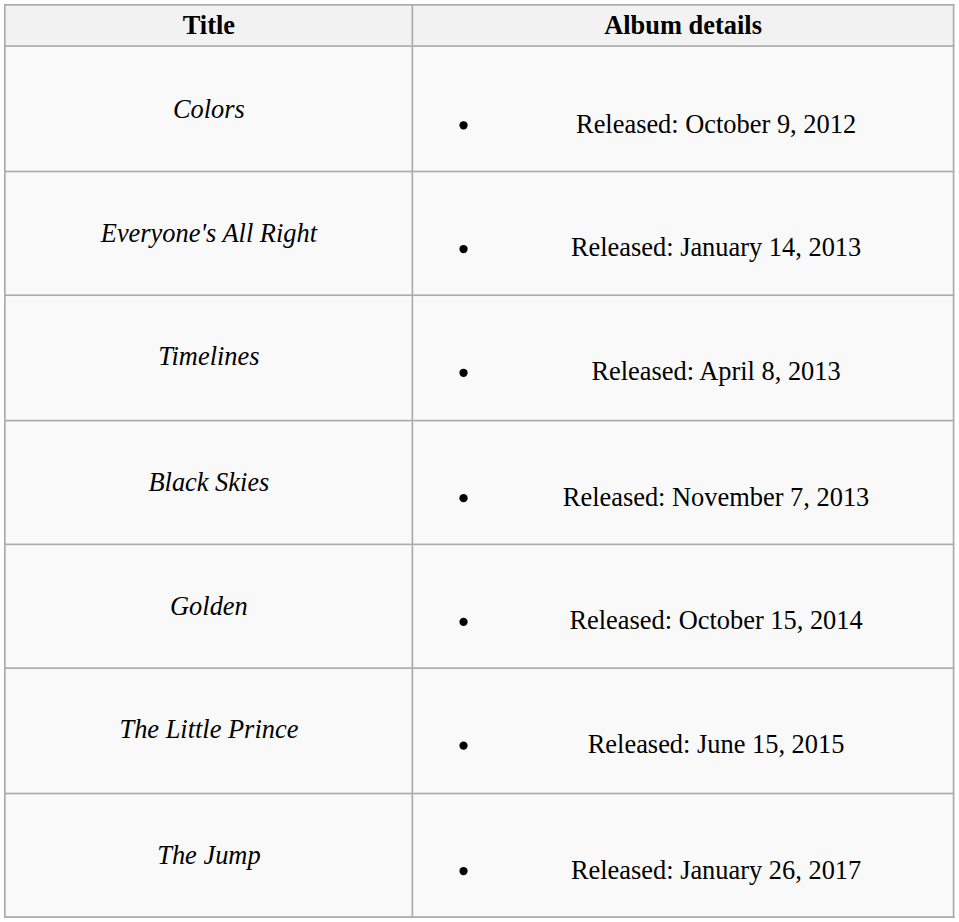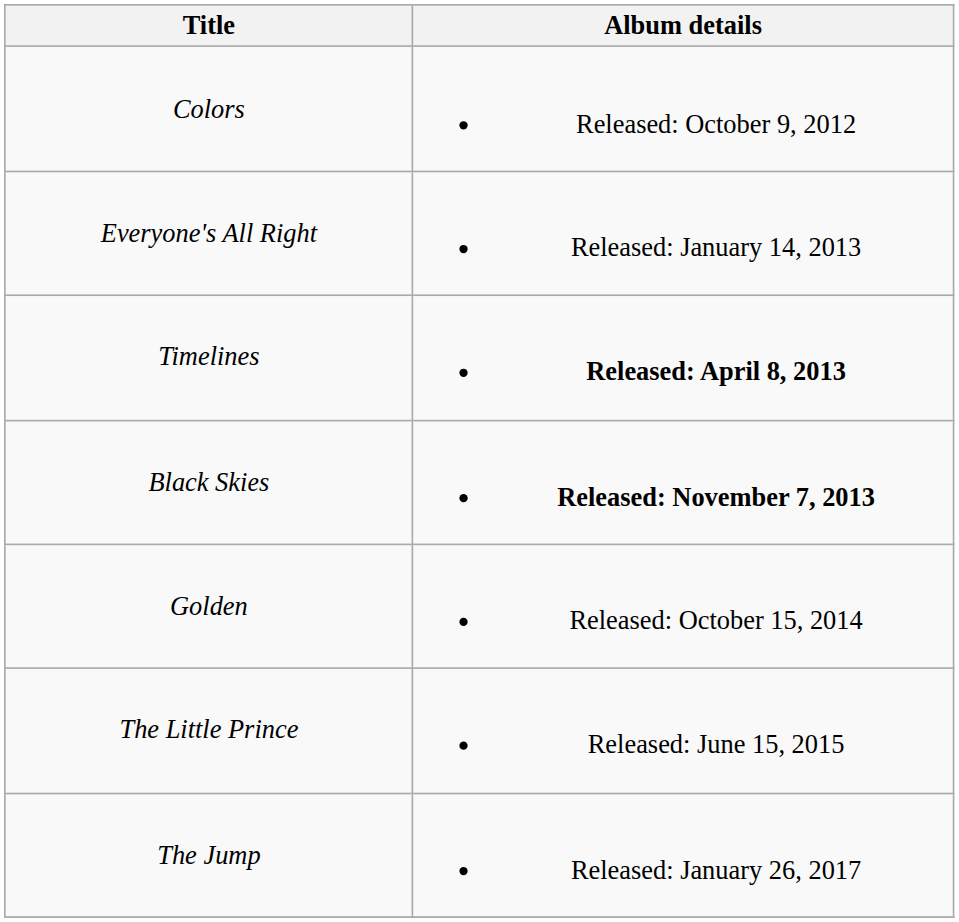 <table class="wikitable plainrowheaders" style="text-align:center;">
 <tr>
 <th rowspan="1" style="width:15em;">Title</th>
 <th rowspan="1" style="width:20em;">Album details</th>
 </tr>
 <tr>
 <td><em>Colors</em></td>
 <td><br><ul><li>Released: October 9, 2012</li></ul></td>
 </tr>
 <tr>
 <td><em>Everyone's All Right</em></td>
 <td><br><ul><li>Released: January 14, 2013</li></ul></td>
 </tr>
 <tr>
 <td><em>Timelines</em></td>
-<td><br><ul><li>Released: April 8, 2013</li></ul></td>
+<td><strong><br><ul><li>Released: April 8, 2013</li></ul></strong></td>
 </tr>
 <tr>
 <td><em>Black Skies</em></td>
-<td><br><ul><li>Released: November 7, 2013</li></ul></td>
+<td><strong><br><ul><li>Released: November 7, 2013</li></ul></strong></td>
 </tr>
 <tr>
 <td><em>Golden</em></td>
 <td><br><ul><li>Released: October 15, 2014</li></ul></td>
 </tr>
 <tr>
 <td><em>The Little Prince</em></td>
 <td><br><ul><li>Released: June 15, 2015</li></ul></td>
 </tr>
 <tr>
 <td><em>The Jump</em></td>
 <td><br><ul><li>Released: January 26, 2017</li></ul></td>
 </tr>
 <tr>
 </tr>
 </table>
